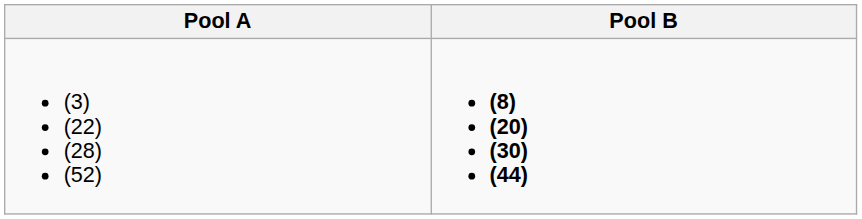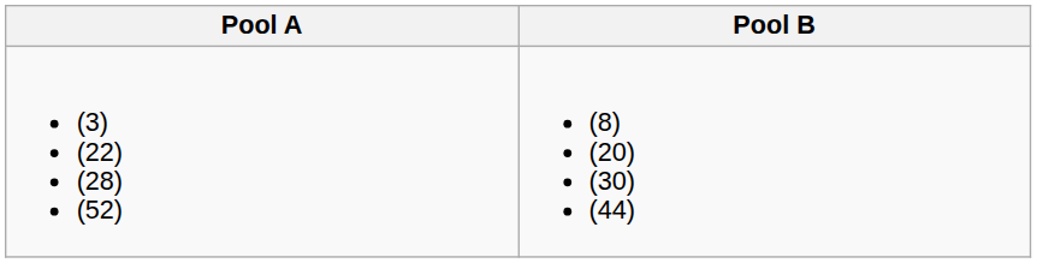 <table class="wikitable" width="50%">
 <tr>
 <th width=25%>Pool A</th>
 <th width=25%>Pool B</th>
 </tr>
 <tr>
 <td><br><ul><li> (3)</li><li> (22)</li><li> (28)</li><li> (52)</li></ul></td>
-<td><strong><br><ul><li> (8)</li><li> (20)</li><li> (30)</li><li> (44)</li></ul></strong></td>
+<td><br><ul><li> (8)</li><li> (20)</li><li> (30)</li><li> (44)</li></ul></td>
 </tr>
 </table>
